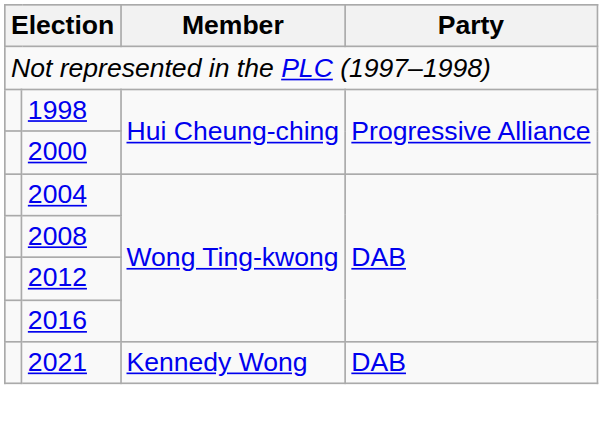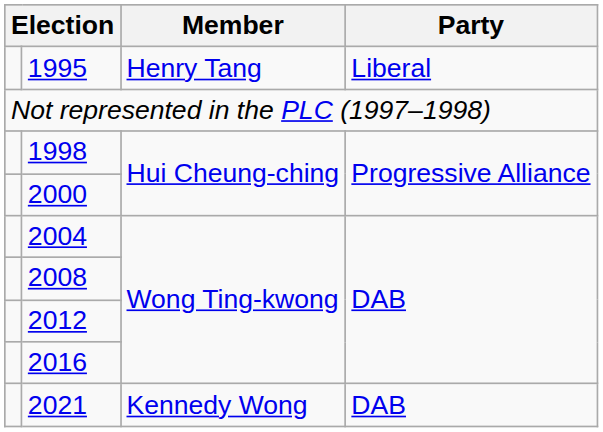 <table class="wikitable">
 <tr>
 <th colspan="2">Election</th>
 <th>Member</th>
 <th>Party</th>
+</tr>
+<tr>
+<td style="background-color: "></td>
+<td><a href='#'>1995</a></td>
+<td><a href='#'>Henry Tang</a></td>
+<td><a href='#'>Liberal</a></td>
 </tr>
 <tr>
 <td colspan="4"><em>Not represented in the <a href='#'>PLC</a> (1997–1998)</em></td>
 </tr>
 <tr>
 <td style="background-color: "></td>
 <td><a href='#'>1998</a></td>
 <td rowspan=2><a href='#'>Hui Cheung-ching</a></td>
 <td rowspan=2><a href='#'>Progressive Alliance</a></td>
 </tr>
 <tr>
 <td style="background-color: "></td>
 <td><a href='#'>2000</a></td>
 </tr>
 <tr>
 <td style="background-color: "></td>
 <td><a href='#'>2004</a></td>
 <td rowspan=4><a href='#'>Wong Ting-kwong</a></td>
 <td rowspan=4><a href='#'>DAB</a></td>
 </tr>
 <tr>
 <td style="background-color: "></td>
 <td><a href='#'>2008</a></td>
 </tr>
 <tr>
 <td style="background-color: "></td>
 <td><a href='#'>2012</a></td>
 </tr>
 <tr>
 <td style="background-color: "></td>
 <td><a href='#'>2016</a></td>
 </tr>
 <tr>
 <td style="background-color: "></td>
 <td><a href='#'>2021</a></td>
 <td rowspan=4><a href='#'>Kennedy Wong</a></td>
 <td rowspan=4><a href='#'>DAB</a></td>
 </tr>
 </table>
